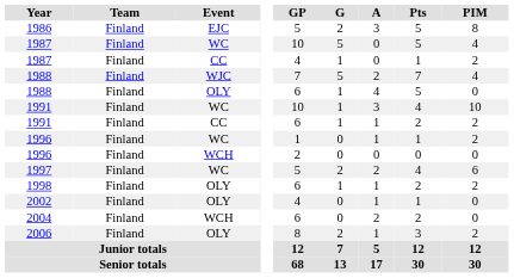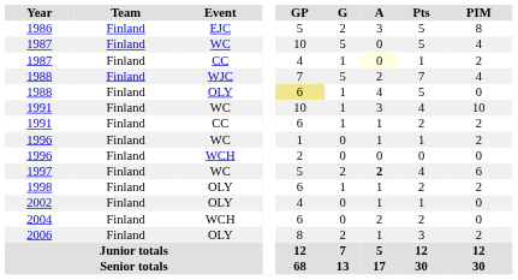 <table border="0" cellpadding="1" cellspacing="0" style="text-align:center; width:40em">
 <tr ALIGN="center" bgcolor="#e0e0e0">
 <th>Year</th>
 <th>Team</th>
 <th>Event</th>
 <th rowspan="99" bgcolor="#ffffff"> </th>
 <th>GP</th>
 <th>G</th>
 <th>A</th>
 <th>Pts</th>
 <th>PIM</th>
 </tr>
 <tr>
 <td><a href='#'>1986</a></td>
 <td><a href='#'>Finland</a></td>
 <td><a href='#'>EJC</a></td>
 <td>5</td>
 <td>2</td>
 <td>3</td>
 <td>5</td>
 <td>8</td>
 </tr>
 <tr bgcolor="#f0f0f0">
 <td><a href='#'>1987</a></td>
 <td><a href='#'>Finland</a></td>
 <td><a href='#'>WC</a></td>
 <td>10</td>
 <td>5</td>
 <td>0</td>
 <td>5</td>
 <td>4</td>
 </tr>
 <tr>
 <td><a href='#'>1987</a></td>
 <td>Finland</td>
 <td><a href='#'>CC</a></td>
 <td>4</td>
 <td>1</td>
-<td>0</td>
+<td style="background: lightyellow;">0</td>
 <td>1</td>
 <td>2</td>
 </tr>
 <tr bgcolor="#f0f0f0">
 <td><a href='#'>1988</a></td>
 <td><a href='#'>Finland</a></td>
 <td><a href='#'>WJC</a></td>
 <td>7</td>
 <td>5</td>
 <td>2</td>
 <td>7</td>
 <td>4</td>
 </tr>
 <tr>
 <td><a href='#'>1988</a></td>
 <td>Finland</td>
 <td><a href='#'>OLY</a></td>
-<td>6</td>
+<td style="background: khaki;">6</td>
 <td>1</td>
 <td>4</td>
 <td>5</td>
 <td>0</td>
 </tr>
 <tr bgcolor="#f0f0f0">
 <td><a href='#'>1991</a></td>
 <td>Finland</td>
 <td>WC</td>
 <td>10</td>
 <td>1</td>
 <td>3</td>
 <td>4</td>
 <td>10</td>
 </tr>
 <tr>
 <td><a href='#'>1991</a></td>
 <td>Finland</td>
 <td>CC</td>
 <td>6</td>
 <td>1</td>
 <td>1</td>
 <td>2</td>
 <td>2</td>
 </tr>
 <tr bgcolor="#f0f0f0">
 <td><a href='#'>1996</a></td>
 <td>Finland</td>
 <td>WC</td>
 <td>1</td>
 <td>0</td>
 <td>1</td>
 <td>1</td>
 <td>2</td>
 </tr>
 <tr>
 <td><a href='#'>1996</a></td>
 <td>Finland</td>
 <td><a href='#'>WCH</a></td>
 <td>2</td>
 <td>0</td>
 <td>0</td>
 <td>0</td>
 <td>0</td>
 </tr>
 <tr bgcolor="#f0f0f0">
 <td><a href='#'>1997</a></td>
 <td>Finland</td>
 <td>WC</td>
 <td>5</td>
 <td>2</td>
-<td>2</td>
+<td><strong>2</strong></td>
 <td>4</td>
 <td>6</td>
 </tr>
 <tr>
 <td><a href='#'>1998</a></td>
 <td>Finland</td>
 <td>OLY</td>
 <td>6</td>
 <td>1</td>
 <td>1</td>
 <td>2</td>
 <td>2</td>
 </tr>
 <tr bgcolor="#f0f0f0">
 <td><a href='#'>2002</a></td>
 <td>Finland</td>
 <td>OLY</td>
 <td>4</td>
 <td>0</td>
 <td>1</td>
 <td>1</td>
 <td>0</td>
 </tr>
 <tr>
 <td><a href='#'>2004</a></td>
 <td>Finland</td>
 <td>WCH</td>
 <td>6</td>
 <td>0</td>
 <td>2</td>
 <td>2</td>
 <td>0</td>
 </tr>
 <tr bgcolor="#f0f0f0">
 <td><a href='#'>2006</a></td>
 <td>Finland</td>
 <td>OLY</td>
 <td>8</td>
 <td>2</td>
 <td>1</td>
 <td>3</td>
 <td>2</td>
 </tr>
 <tr bgcolor="#e0e0e0">
 <th colspan=3>Junior totals</th>
 <th>12</th>
 <th>7</th>
 <th>5</th>
 <th>12</th>
 <th>12</th>
 </tr>
 <tr bgcolor="#e0e0e0">
 <th colspan=3>Senior totals</th>
 <th>68</th>
 <th>13</th>
 <th>17</th>
 <th>30</th>
 <th>30</th>
 </tr>
 </table>
